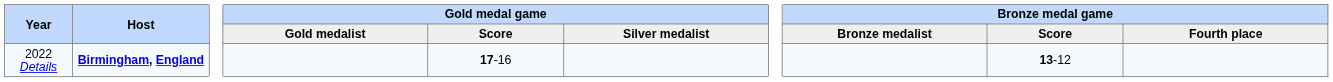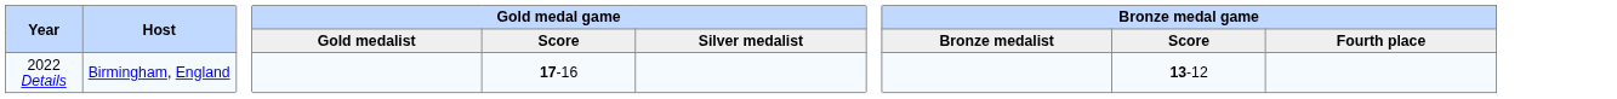 <table border=1 style="border-collapse:collapse; font-size:90%; text-align:center;" cellpadding=3 cellspacing=0>
 <tr bgcolor=#C1D8FF>
 <th rowspan=2 width=5%>Year</th>
 <th rowspan=2 width=10%>Host</th>
 <th rowspan="100%" width=1% bgcolor=white style="border-top:1px solid transparent; border-bottom:1px solid transparent;"></th>
 <th colspan=3>Gold medal game</th>
 <th rowspan="100%" width=1% bgcolor=white style="border-top:1px solid transparent; border-bottom:1px solid transparent;"></th>
 <th colspan=3>Bronze medal game</th>
 </tr>
 <tr bgcolor=#EFEFEF>
 <th width=15%>Gold medalist</th>
 <th width=10%>Score</th>
 <th width=15%>Silver medalist</th>
 <th width=15%>Bronze medalist</th>
 <th width=10%>Score</th>
 <th width=15%>Fourth place</th>
 </tr>
 <tr bgcolor=#F5FAFF>
 <td>2022<br><em><a href='#'>Details</a></em></td>
-<td><strong><a href='#'>Birmingham</a>, <a href='#'>England</a></strong></td>
+<td><a href='#'>Birmingham</a>, <a href='#'>England</a></td>
 <td></td>
 <td><strong>17</strong>-16</td>
 <td></td>
 <td></td>
 <td><strong>13</strong>-12</td>
 <td></td>
 </tr>
 </table>
